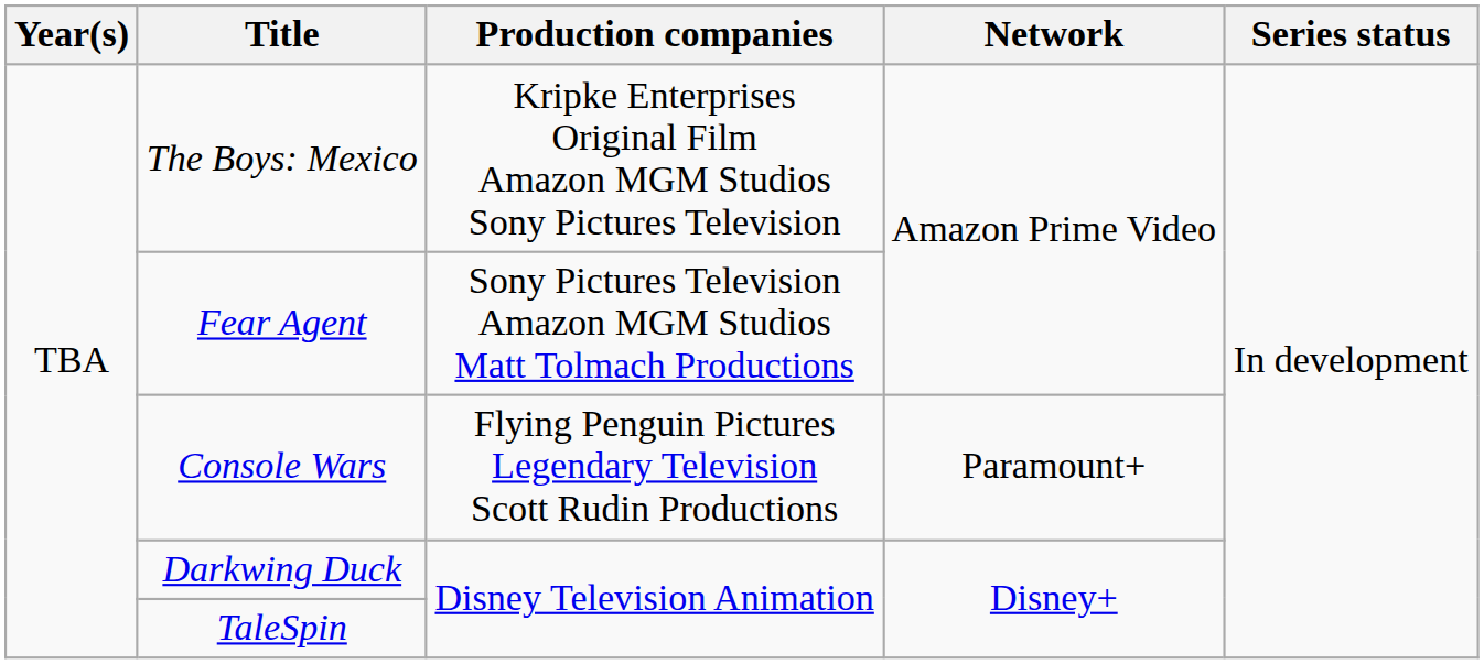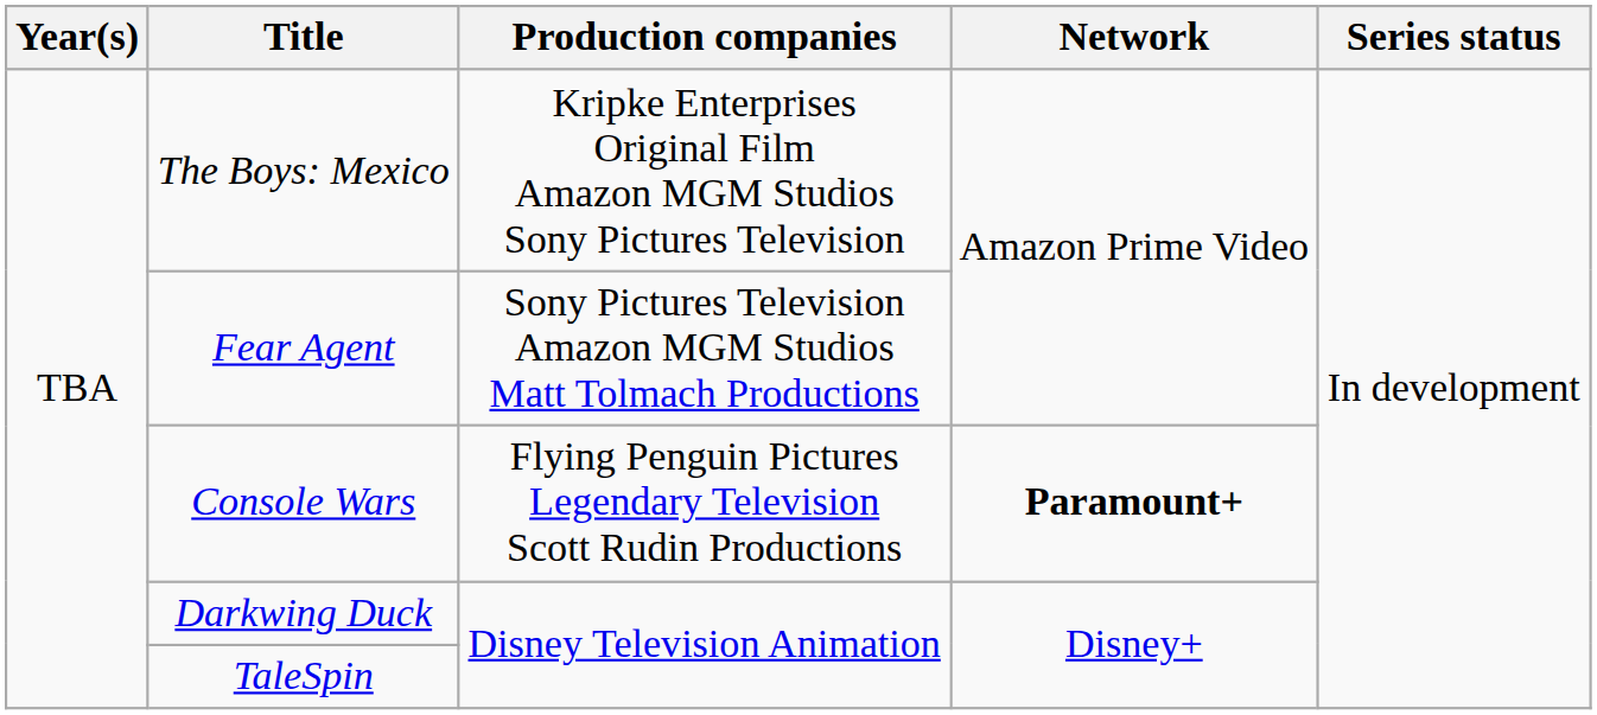 <table class="wikitable" style="text-align:center;">
 <tr>
 <th scope="col">Year(s)</th>
 <th scope="col">Title</th>
 <th scope="col">Production companies</th>
 <th scope="col">Network</th>
 <th scope="col">Series status</th>
 </tr>
 <tr>
 <td rowspan="5">TBA</td>
 <td><em>The Boys: Mexico</em></td>
 <td>Kripke Enterprises<br>Original Film<br>Amazon MGM Studios<br>Sony Pictures Television</td>
 <td rowspan="2">Amazon Prime Video</td>
 <td rowspan="5">In development</td>
 </tr>
 <tr>
 <td><em><a href='#'>Fear Agent</a></em></td>
 <td>Sony Pictures Television<br>Amazon MGM Studios<br><a href='#'>Matt Tolmach Productions</a></td>
 </tr>
 <tr>
 <td><em><a href='#'>Console Wars</a></em></td>
 <td>Flying Penguin Pictures<br><a href='#'>Legendary Television</a><br>Scott Rudin Productions</td>
-<td>Paramount+</td>
+<td><strong>Paramount+</strong></td>
 </tr>
 <tr>
 <td><em><a href='#'>Darkwing Duck</a></em></td>
 <td rowspan="2"><a href='#'>Disney Television Animation</a></td>
 <td rowspan="2"><a href='#'>Disney+</a></td>
 </tr>
 <tr>
 <td><em><a href='#'>TaleSpin</a></em></td>
 </tr>
 </table>
